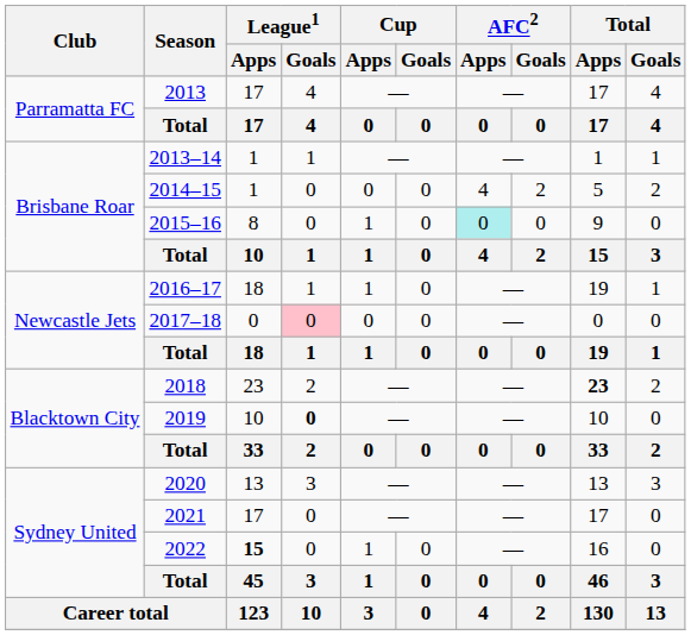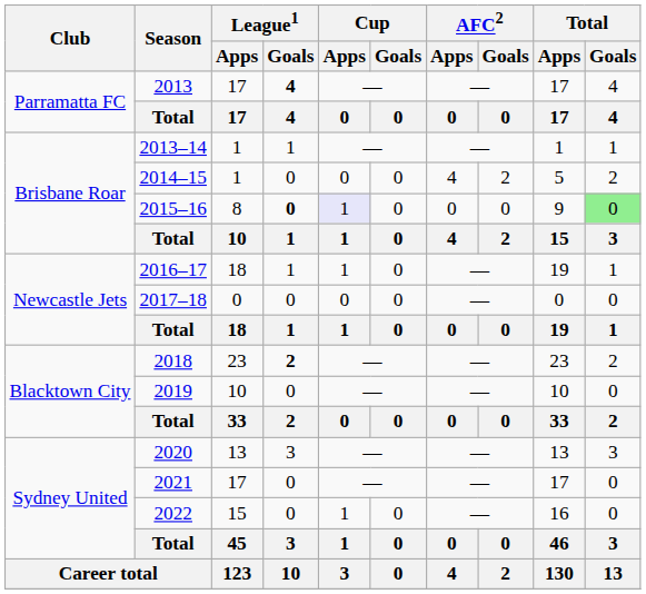 <table class="wikitable" border="1" style="font-size:100%; text-align: center;">
 <tr>
 <th rowspan="2">Club</th>
 <th rowspan="2">Season</th>
 <th colspan="2">League<sup>1</sup></th>
 <th colspan="2">Cup</th>
 <th colspan="2"><a href='#'>AFC</a><sup>2</sup></th>
 <th colspan="2">Total</th>
 </tr>
 <tr>
 <th>Apps</th>
 <th>Goals</th>
 <th>Apps</th>
 <th>Goals</th>
 <th>Apps</th>
 <th>Goals</th>
 <th>Apps</th>
 <th>Goals</th>
 </tr>
 <tr>
 <td rowspan="2" valign="mid"><a href='#'>Parramatta FC</a></td>
 <td><a href='#'>2013</a></td>
 <td>17</td>
-<td>4</td>
+<td><strong>4</strong></td>
 <td colspan=2>—</td>
 <td colspan=2>—</td>
 <td>17</td>
 <td>4</td>
 </tr>
 <tr>
 <th>Total</th>
 <th>17</th>
 <th>4</th>
 <th>0</th>
 <th>0</th>
 <th>0</th>
 <th>0</th>
 <th>17</th>
 <th>4</th>
 </tr>
 <tr>
 <td rowspan="4" valign="mid"><a href='#'>Brisbane Roar</a></td>
 <td><a href='#'>2013–14</a></td>
 <td>1</td>
 <td>1</td>
 <td colspan=2>—</td>
 <td colspan=2>—</td>
 <td>1</td>
 <td>1</td>
 </tr>
 <tr>
 <td><a href='#'>2014–15</a></td>
 <td>1</td>
 <td>0</td>
 <td>0</td>
 <td>0</td>
 <td>4</td>
 <td>2</td>
 <td>5</td>
 <td>2</td>
 </tr>
 <tr>
 <td><a href='#'>2015–16</a></td>
 <td>8</td>
+<td><strong>0</strong></td>
+<td style="background: lavender;">1</td>
 <td>0</td>
-<td>1</td>
 <td>0</td>
-<td style="background: paleturquoise;">0</td>
 <td>0</td>
 <td>9</td>
-<td>0</td>
+<td style="background: lightgreen;">0</td>
 </tr>
 <tr>
 <th>Total</th>
 <th>10</th>
 <th>1</th>
 <th>1</th>
 <th>0</th>
 <th>4</th>
 <th>2</th>
 <th>15</th>
 <th>3</th>
 </tr>
 <tr>
 <td rowspan="3" valign="mid"><a href='#'>Newcastle Jets</a></td>
 <td><a href='#'>2016–17</a></td>
 <td>18</td>
 <td>1</td>
 <td>1</td>
 <td>0</td>
 <td colspan=2>—</td>
 <td>19</td>
 <td>1</td>
 </tr>
 <tr>
 <td><a href='#'>2017–18</a></td>
 <td>0</td>
-<td style="background: pink;">0</td>
+<td>0</td>
 <td>0</td>
 <td>0</td>
 <td colspan=2>—</td>
 <td>0</td>
 <td>0</td>
 </tr>
 <tr>
 <th>Total</th>
 <th>18</th>
 <th>1</th>
 <th>1</th>
 <th>0</th>
 <th>0</th>
 <th>0</th>
 <th>19</th>
 <th>1</th>
 </tr>
 <tr>
 <td rowspan="3" valign="mid"><a href='#'>Blacktown City</a></td>
 <td><a href='#'>2018</a></td>
 <td>23</td>
-<td>2</td>
+<td><strong>2</strong></td>
 <td colspan=2>—</td>
 <td colspan=2>—</td>
-<td><strong>23</strong></td>
+<td>23</td>
 <td>2</td>
 </tr>
 <tr>
 <td><a href='#'>2019</a></td>
 <td>10</td>
-<td><strong>0</strong></td>
+<td>0</td>
 <td colspan=2>—</td>
 <td colspan=2>—</td>
 <td>10</td>
 <td>0</td>
 </tr>
 <tr>
 <th>Total</th>
 <th>33</th>
 <th>2</th>
 <th>0</th>
 <th>0</th>
 <th>0</th>
 <th>0</th>
 <th>33</th>
 <th>2</th>
 </tr>
 <tr>
 <td rowspan="4" valign="mid"><a href='#'>Sydney United</a></td>
 <td><a href='#'>2020</a></td>
 <td>13</td>
 <td>3</td>
 <td colspan=2>—</td>
 <td colspan=2>—</td>
 <td>13</td>
 <td>3</td>
 </tr>
 <tr>
 <td><a href='#'>2021</a></td>
 <td>17</td>
 <td>0</td>
 <td colspan=2>—</td>
 <td colspan=2>—</td>
 <td>17</td>
 <td>0</td>
 </tr>
 <tr>
 <td><a href='#'>2022</a></td>
-<td><strong>15</strong></td>
+<td>15</td>
 <td>0</td>
 <td>1</td>
 <td>0</td>
 <td colspan=2>—</td>
 <td>16</td>
 <td>0</td>
 </tr>
 <tr>
 <th>Total</th>
 <th>45</th>
 <th>3</th>
 <th>1</th>
 <th>0</th>
 <th>0</th>
 <th>0</th>
 <th>46</th>
 <th>3</th>
 </tr>
 <tr>
 <th colspan="2">Career total</th>
 <th>123</th>
 <th>10</th>
 <th>3</th>
 <th>0</th>
 <th>4</th>
 <th>2</th>
 <th>130</th>
 <th>13</th>
 </tr>
 <tr>
 </tr>
 </table>
